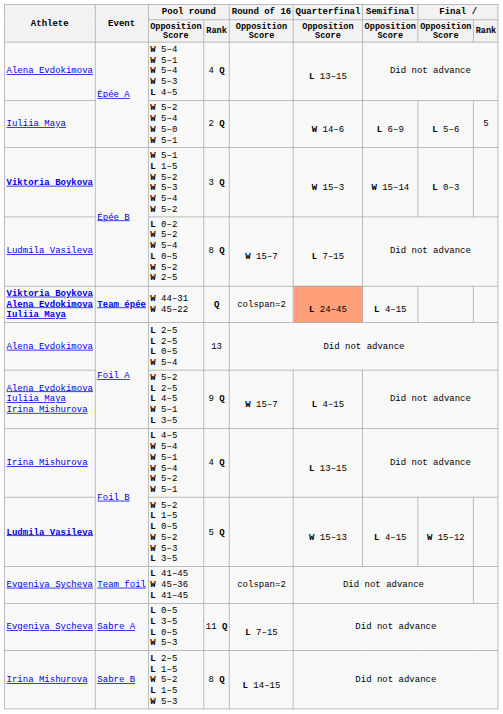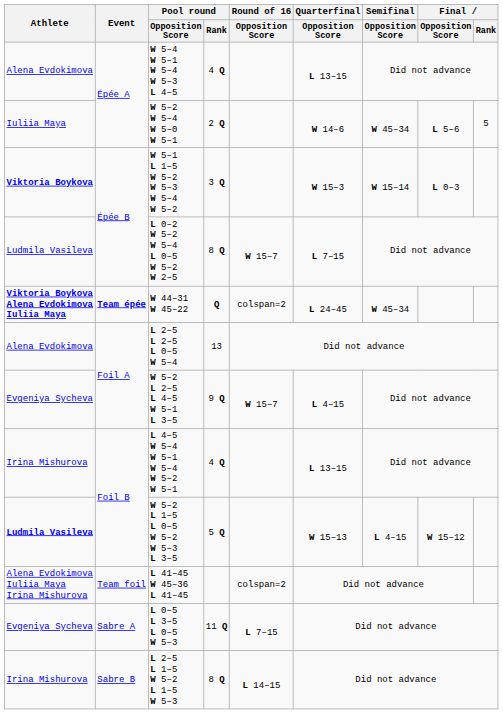 <table class="wikitable" style="text-align:center; font-size:90%">
 <tr>
 <th rowspan=2>Athlete</th>
 <th rowspan=2>Event</th>
 <th colspan=2>Pool round</th>
 <th>Round of 16</th>
 <th>Quarterfinal</th>
 <th>Semifinal</th>
 <th colspan=2>Final / </th>
 </tr>
 <tr style="font-size:95%">
 <th>Opposition<br>Score</th>
 <th>Rank</th>
 <th>Opposition<br>Score</th>
 <th>Opposition<br>Score</th>
 <th>Opposition<br>Score</th>
 <th>Opposition<br>Score</th>
 <th>Rank</th>
 </tr>
 <tr>
 <td align=left><a href='#'>Alena Evdokimova</a></td>
 <td rowspan=2 align=left><a href='#'>Épée A</a></td>
 <td align=left> <strong>W</strong> 5–4<br> <strong>W</strong> 5–1<br> <strong>W</strong> 5–4<br> <strong>W</strong> 5–3<br> <strong>L</strong> 4–5</td>
 <td>4 <strong>Q</strong></td>
 <td></td>
 <td><br><strong>L</strong> 13–15</td>
 <td colspan=3>Did not advance</td>
 </tr>
 <tr>
 <td align=left><a href='#'>Iuliia Maya</a></td>
 <td align=left> <strong>W</strong> 5–2<br> <strong>W</strong> 5–4<br> <strong>W</strong> 5–0<br> <strong>W</strong> 5–1</td>
 <td>2 <strong>Q</strong></td>
 <td></td>
 <td><br><strong>W</strong> 14–6</td>
-<td><br><strong>L</strong> 6–9</td>
+<td><br><strong>W</strong> 45–34</td>
 <td><br><strong>L</strong> 5–6</td>
 <td>5</td>
 </tr>
 <tr>
 <td align=left><strong><a href='#'>Viktoria Boykova</a></strong></td>
 <td rowspan=2 align=left><a href='#'>Épée B</a></td>
 <td align=left> <strong>W</strong> 5–1<br> <strong>L</strong> 1–5<br> <strong>W</strong> 5–2<br> <strong>W</strong> 5–3<br> <strong>W</strong> 5–4<br> <strong>W</strong> 5–2</td>
 <td>3 <strong>Q</strong></td>
 <td></td>
 <td><br><strong>W</strong> 15–3</td>
 <td><br><strong>W</strong> 15–14</td>
 <td><br><strong>L</strong> 0–3</td>
 <td></td>
 </tr>
 <tr>
 <td align=left><a href='#'>Ludmila Vasileva</a></td>
 <td align=left> <strong>L</strong> 0–2<br> <strong>W</strong> 5–2<br> <strong>W</strong> 5–4<br> <strong>L</strong> 0–5<br> <strong>W</strong> 5–2<br> <strong>W</strong> 2–5</td>
 <td>8 <strong>Q</strong></td>
 <td><br><strong>W</strong> 15–7</td>
 <td><br><strong>L</strong> 7–15</td>
 <td colspan=3>Did not advance</td>
 </tr>
 <tr>
 <td align=left><strong><a href='#'>Viktoria Boykova</a><br><a href='#'>Alena Evdokimova</a><br><a href='#'>Iuliia Maya</a></strong></td>
 <td align=left><strong><a href='#'>Team épée</a></strong></td>
 <td align=left> <strong>W</strong> 44–31<br> <strong>W</strong> 45–22</td>
 <td><strong>Q</strong></td>
 <td>colspan=2 </td>
-<td style="background: lightsalmon;"><br><strong>L</strong> 24–45</td>
-<td><br><strong>L</strong> 4–15</td>
+<td><br><strong>L</strong> 24–45</td>
+<td><br><strong>W</strong> 45–34</td>
 <td></td>
 </tr>
 <tr>
 <td align=left><a href='#'>Alena Evdokimova</a></td>
 <td rowspan=2 align=left><a href='#'>Foil A</a></td>
 <td align=left> <strong>L</strong> 2–5<br> <strong>L</strong> 2–5<br> <strong>L</strong> 0–5<br> <strong>W</strong> 5–4</td>
 <td>13</td>
 <td colspan=5>Did not advance</td>
 </tr>
 <tr>
-<td align=left><a href='#'>Alena Evdokimova</a><br><a href='#'>Iuliia Maya</a><br><a href='#'>Irina Mishurova</a></td>
+<td align=left><a href='#'>Evgeniya Sycheva</a></td>
 <td align=left> <strong>W</strong> 5–2<br> <strong>L</strong> 2–5<br> <strong>L</strong> 4–5<br> <strong>W</strong> 5–1<br> <strong>L</strong> 3–5</td>
 <td>9 <strong>Q</strong></td>
 <td><br><strong>W</strong> 15–7</td>
 <td><br><strong>L</strong> 4–15</td>
 <td colspan=3>Did not advance</td>
 </tr>
 <tr>
 <td align=left><a href='#'>Irina Mishurova</a></td>
 <td rowspan=2 align=left><a href='#'>Foil B</a></td>
 <td align=left> <strong>L</strong> 4–5<br> <strong>W</strong> 5–4<br> <strong>W</strong> 5–1<br> <strong>W</strong> 5–4<br> <strong>W</strong> 5–2<br> <strong>W</strong> 5–1</td>
 <td>4 <strong>Q</strong></td>
 <td></td>
 <td><br><strong>L</strong> 13–15</td>
 <td colspan=3>Did not advance</td>
 </tr>
 <tr>
 <td align=left><strong><a href='#'>Ludmila Vasileva</a></strong></td>
 <td align=left> <strong>W</strong> 5–2<br> <strong>L</strong> 1–5<br> <strong>L</strong> 0–5<br> <strong>W</strong> 5–2<br> <strong>W</strong> 5–3<br> <strong>L</strong> 3–5</td>
 <td>5 <strong>Q</strong></td>
 <td></td>
 <td><br><strong>W</strong> 15–13</td>
 <td><br><strong>L</strong> 4–15</td>
 <td><br><strong>W</strong> 15–12</td>
 <td></td>
 </tr>
 <tr>
-<td align=left><a href='#'>Evgeniya Sycheva</a></td>
+<td align=left><a href='#'>Alena Evdokimova</a><br><a href='#'>Iuliia Maya</a><br><a href='#'>Irina Mishurova</a></td>
 <td align=left><a href='#'>Team foil</a></td>
 <td align=left> <strong>L</strong> 41–45<br> <strong>W</strong> 45–36<br> <strong>L</strong> 41–45</td>
 <td></td>
 <td>colspan=2 </td>
 <td colspan=3>Did not advance</td>
 </tr>
 <tr>
 <td align=left><a href='#'>Evgeniya Sycheva</a></td>
 <td align=left><a href='#'>Sabre A</a></td>
 <td align=left> <strong>L</strong> 0–5<br> <strong>L</strong> 3–5<br> <strong>L</strong> 0–5<br> <strong>W</strong> 5–3</td>
 <td>11 <strong>Q</strong></td>
 <td><br><strong>L</strong> 7–15</td>
 <td colspan=4>Did not advance</td>
 </tr>
 <tr>
 <td align=left><a href='#'>Irina Mishurova</a></td>
 <td align=left><a href='#'>Sabre B</a></td>
 <td align=left> <strong>L</strong> 2–5<br> <strong>L</strong> 1–5<br> <strong>W</strong> 5–2<br> <strong>L</strong> 1–5<br> <strong>W</strong> 5–3</td>
 <td>8 <strong>Q</strong></td>
 <td><br><strong>L</strong> 14–15</td>
 <td colspan=4>Did not advance</td>
 </tr>
 </table>
